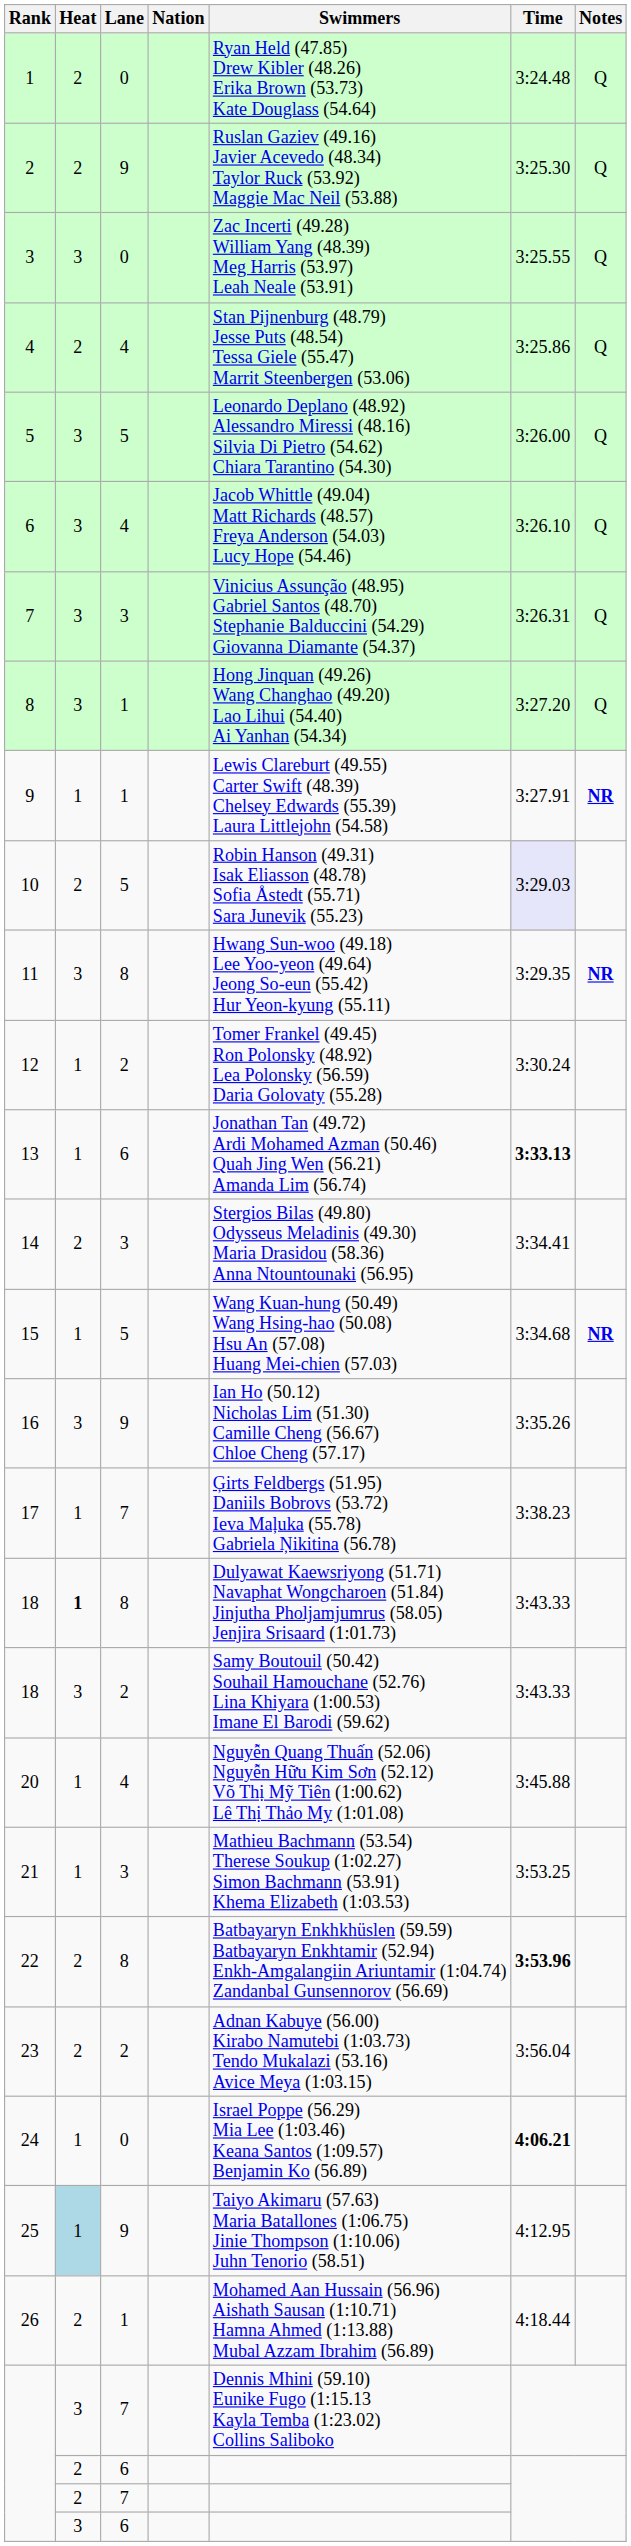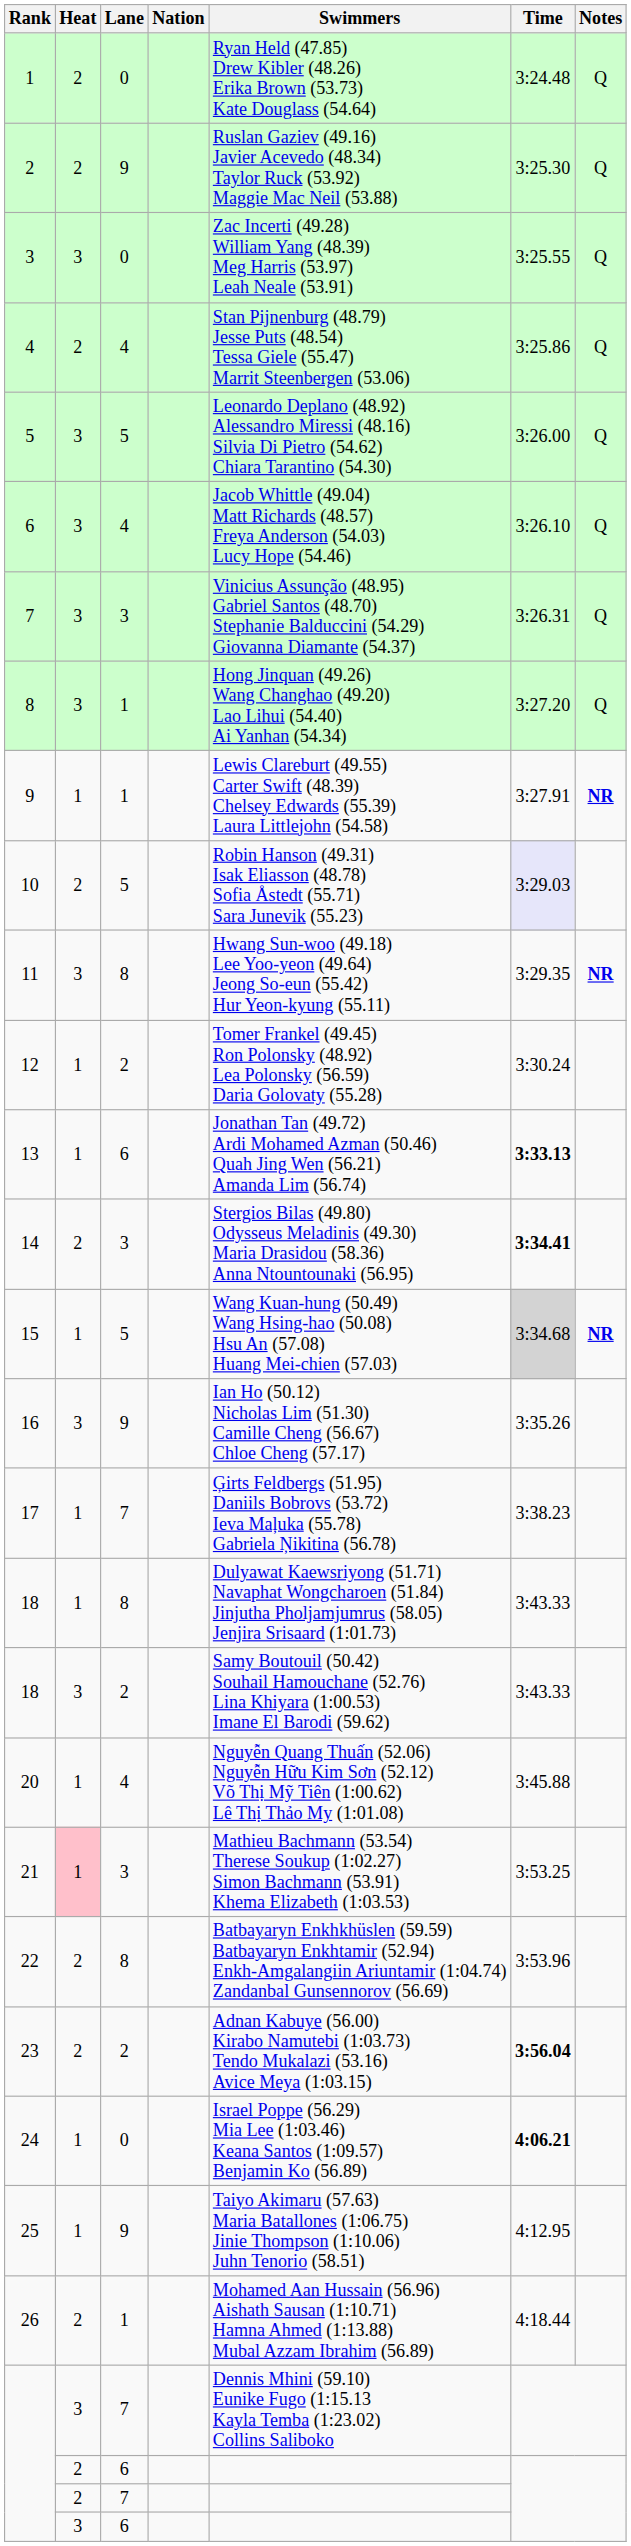 <table class="wikitable sortable" style="text-align:center">
 <tr>
 <th>Rank</th>
 <th>Heat</th>
 <th>Lane</th>
 <th>Nation</th>
 <th>Swimmers</th>
 <th>Time</th>
 <th>Notes</th>
 </tr>
 <tr bgcolor=ccffcc>
 <td>1</td>
 <td>2</td>
 <td>0</td>
 <td align=left></td>
 <td align=left><a href='#'>Ryan Held</a> (47.85)<br><a href='#'>Drew Kibler</a> (48.26)<br><a href='#'>Erika Brown</a> (53.73)<br><a href='#'>Kate Douglass</a> (54.64)</td>
 <td>3:24.48</td>
 <td>Q</td>
 </tr>
 <tr bgcolor=ccffcc>
 <td>2</td>
 <td>2</td>
 <td>9</td>
 <td align=left></td>
 <td align=left><a href='#'>Ruslan Gaziev</a> (49.16)<br><a href='#'>Javier Acevedo</a> (48.34)<br><a href='#'>Taylor Ruck</a> (53.92)<br><a href='#'>Maggie Mac Neil</a> (53.88)</td>
 <td>3:25.30</td>
 <td>Q</td>
 </tr>
 <tr bgcolor=ccffcc>
 <td>3</td>
 <td>3</td>
 <td>0</td>
 <td align=left></td>
 <td align=left><a href='#'>Zac Incerti</a> (49.28)<br><a href='#'>William Yang</a> (48.39)<br><a href='#'>Meg Harris</a> (53.97)<br><a href='#'>Leah Neale</a> (53.91)</td>
 <td>3:25.55</td>
 <td>Q</td>
 </tr>
 <tr bgcolor=ccffcc>
 <td>4</td>
 <td>2</td>
 <td>4</td>
 <td align=left></td>
 <td align=left><a href='#'>Stan Pijnenburg</a> (48.79)<br><a href='#'>Jesse Puts</a> (48.54)<br><a href='#'>Tessa Giele</a> (55.47)<br><a href='#'>Marrit Steenbergen</a> (53.06)</td>
 <td>3:25.86</td>
 <td>Q</td>
 </tr>
 <tr bgcolor=ccffcc>
 <td>5</td>
 <td>3</td>
 <td>5</td>
 <td align=left></td>
 <td align=left><a href='#'>Leonardo Deplano</a> (48.92)<br><a href='#'>Alessandro Miressi</a> (48.16)<br><a href='#'>Silvia Di Pietro</a> (54.62)<br><a href='#'>Chiara Tarantino</a> (54.30)</td>
 <td>3:26.00</td>
 <td>Q</td>
 </tr>
 <tr bgcolor=ccffcc>
 <td>6</td>
 <td>3</td>
 <td>4</td>
 <td align=left></td>
 <td align=left><a href='#'>Jacob Whittle</a> (49.04)<br><a href='#'>Matt Richards</a> (48.57)<br><a href='#'>Freya Anderson</a> (54.03)<br><a href='#'>Lucy Hope</a> (54.46)</td>
 <td>3:26.10</td>
 <td>Q</td>
 </tr>
 <tr bgcolor=ccffcc>
 <td>7</td>
 <td>3</td>
 <td>3</td>
 <td align=left></td>
 <td align=left><a href='#'>Vinicius Assunção</a> (48.95)<br><a href='#'>Gabriel Santos</a> (48.70)<br><a href='#'>Stephanie Balduccini</a> (54.29)<br><a href='#'>Giovanna Diamante</a> (54.37)</td>
 <td>3:26.31</td>
 <td>Q</td>
 </tr>
 <tr bgcolor=ccffcc>
 <td>8</td>
 <td>3</td>
 <td>1</td>
 <td align=left></td>
 <td align=left><a href='#'>Hong Jinquan</a> (49.26)<br><a href='#'>Wang Changhao</a> (49.20)<br><a href='#'>Lao Lihui</a> (54.40)<br><a href='#'>Ai Yanhan</a> (54.34)</td>
 <td>3:27.20</td>
 <td>Q</td>
 </tr>
 <tr>
 <td>9</td>
 <td>1</td>
 <td>1</td>
 <td align=left></td>
 <td align=left><a href='#'>Lewis Clareburt</a> (49.55)<br><a href='#'>Carter Swift</a> (48.39)<br><a href='#'>Chelsey Edwards</a> (55.39)<br><a href='#'>Laura Littlejohn</a> (54.58)</td>
 <td>3:27.91</td>
 <td><strong><a href='#'>NR</a></strong></td>
 </tr>
 <tr>
 <td>10</td>
 <td>2</td>
 <td>5</td>
 <td align=left></td>
 <td align=left><a href='#'>Robin Hanson</a> (49.31)<br><a href='#'>Isak Eliasson</a> (48.78)<br><a href='#'>Sofia Åstedt</a> (55.71)<br><a href='#'>Sara Junevik</a> (55.23)</td>
 <td style="background: lavender;">3:29.03</td>
 <td></td>
 </tr>
 <tr>
 <td>11</td>
 <td>3</td>
 <td>8</td>
 <td align=left></td>
 <td align=left><a href='#'>Hwang Sun-woo</a> (49.18)<br><a href='#'>Lee Yoo-yeon</a> (49.64)<br><a href='#'>Jeong So-eun</a> (55.42)<br><a href='#'>Hur Yeon-kyung</a> (55.11)</td>
 <td>3:29.35</td>
 <td><strong><a href='#'>NR</a></strong></td>
 </tr>
 <tr>
 <td>12</td>
 <td>1</td>
 <td>2</td>
 <td align=left></td>
 <td align=left><a href='#'>Tomer Frankel</a> (49.45)<br><a href='#'>Ron Polonsky</a> (48.92)<br><a href='#'>Lea Polonsky</a> (56.59)<br><a href='#'>Daria Golovaty</a> (55.28)</td>
 <td>3:30.24</td>
 <td></td>
 </tr>
 <tr>
 <td>13</td>
 <td>1</td>
 <td>6</td>
 <td align=left></td>
 <td align=left><a href='#'>Jonathan Tan</a> (49.72)<br><a href='#'>Ardi Mohamed Azman</a> (50.46)<br><a href='#'>Quah Jing Wen</a> (56.21)<br><a href='#'>Amanda Lim</a> (56.74)</td>
 <td><strong>3:33.13</strong></td>
 <td></td>
 </tr>
 <tr>
 <td>14</td>
 <td>2</td>
 <td>3</td>
 <td align=left></td>
 <td align=left><a href='#'>Stergios Bilas</a> (49.80)<br><a href='#'>Odysseus Meladinis</a> (49.30)<br><a href='#'>Maria Drasidou</a> (58.36)<br><a href='#'>Anna Ntountounaki</a> (56.95)</td>
-<td>3:34.41</td>
+<td><strong>3:34.41</strong></td>
 <td></td>
 </tr>
 <tr>
 <td>15</td>
 <td>1</td>
 <td>5</td>
 <td align=left></td>
 <td align=left><a href='#'>Wang Kuan-hung</a> (50.49)<br><a href='#'>Wang Hsing-hao</a> (50.08)<br><a href='#'>Hsu An</a> (57.08)<br><a href='#'>Huang Mei-chien</a> (57.03)</td>
-<td>3:34.68</td>
+<td style="background: lightgrey;">3:34.68</td>
 <td><strong><a href='#'>NR</a></strong></td>
 </tr>
 <tr>
 <td>16</td>
 <td>3</td>
 <td>9</td>
 <td align=left></td>
 <td align=left><a href='#'>Ian Ho</a> (50.12)<br><a href='#'>Nicholas Lim</a> (51.30)<br><a href='#'>Camille Cheng</a> (56.67)<br><a href='#'>Chloe Cheng</a> (57.17)</td>
 <td>3:35.26</td>
 <td></td>
 </tr>
 <tr>
 <td>17</td>
 <td>1</td>
 <td>7</td>
 <td align=left></td>
 <td align=left><a href='#'>Ģirts Feldbergs</a> (51.95)<br><a href='#'>Daniils Bobrovs</a> (53.72)<br><a href='#'>Ieva Maļuka</a> (55.78)<br><a href='#'>Gabriela Ņikitina</a> (56.78)</td>
 <td>3:38.23</td>
 <td></td>
 </tr>
 <tr>
 <td>18</td>
-<td><strong>1</strong></td>
+<td>1</td>
 <td>8</td>
 <td align=left></td>
 <td align=left><a href='#'>Dulyawat Kaewsriyong</a> (51.71)<br><a href='#'>Navaphat Wongcharoen</a> (51.84)<br><a href='#'>Jinjutha Pholjamjumrus</a> (58.05)<br><a href='#'>Jenjira Srisaard</a> (1:01.73)</td>
 <td>3:43.33</td>
 <td></td>
 </tr>
 <tr>
 <td>18</td>
 <td>3</td>
 <td>2</td>
 <td align=left></td>
 <td align=left><a href='#'>Samy Boutouil</a> (50.42)<br><a href='#'>Souhail Hamouchane</a> (52.76)<br><a href='#'>Lina Khiyara</a> (1:00.53)<br><a href='#'>Imane El Barodi</a> (59.62)</td>
 <td>3:43.33</td>
 <td></td>
 </tr>
 <tr>
 <td>20</td>
 <td>1</td>
 <td>4</td>
 <td align=left></td>
 <td align=left><a href='#'>Nguyễn Quang Thuấn</a> (52.06)<br><a href='#'>Nguyễn Hữu Kim Sơn</a> (52.12)<br><a href='#'>Võ Thị Mỹ Tiên</a> (1:00.62)<br><a href='#'>Lê Thị Thảo My</a> (1:01.08)</td>
 <td>3:45.88</td>
 <td></td>
 </tr>
 <tr>
 <td>21</td>
-<td>1</td>
+<td style="background: pink;">1</td>
 <td>3</td>
 <td align=left></td>
 <td align=left><a href='#'>Mathieu Bachmann</a> (53.54)<br><a href='#'>Therese Soukup</a> (1:02.27)<br><a href='#'>Simon Bachmann</a> (53.91)<br><a href='#'>Khema Elizabeth</a> (1:03.53)</td>
 <td>3:53.25</td>
 <td></td>
 </tr>
 <tr>
 <td>22</td>
 <td>2</td>
 <td>8</td>
 <td align=left></td>
 <td align=left><a href='#'>Batbayaryn Enkhkhüslen</a> (59.59)<br><a href='#'>Batbayaryn Enkhtamir</a> (52.94)<br><a href='#'>Enkh-Amgalangiin Ariuntamir</a> (1:04.74)<br><a href='#'>Zandanbal Gunsennorov</a> (56.69)</td>
-<td><strong>3:53.96</strong></td>
+<td>3:53.96</td>
 <td></td>
 </tr>
 <tr>
 <td>23</td>
 <td>2</td>
 <td>2</td>
 <td align=left></td>
 <td align=left><a href='#'>Adnan Kabuye</a> (56.00)<br><a href='#'>Kirabo Namutebi</a> (1:03.73)<br><a href='#'>Tendo Mukalazi</a> (53.16)<br><a href='#'>Avice Meya</a> (1:03.15)</td>
-<td>3:56.04</td>
+<td><strong>3:56.04</strong></td>
 <td></td>
 </tr>
 <tr>
 <td>24</td>
 <td>1</td>
 <td>0</td>
 <td align=left></td>
 <td align=left><a href='#'>Israel Poppe</a> (56.29)<br><a href='#'>Mia Lee</a> (1:03.46)<br><a href='#'>Keana Santos</a> (1:09.57)<br><a href='#'>Benjamin Ko</a> (56.89)</td>
 <td><strong>4:06.21</strong></td>
 <td></td>
 </tr>
 <tr>
 <td>25</td>
-<td style="background: lightblue;">1</td>
+<td>1</td>
 <td>9</td>
 <td align=left></td>
 <td align=left><a href='#'>Taiyo Akimaru</a> (57.63)<br><a href='#'>Maria Batallones</a> (1:06.75)<br><a href='#'>Jinie Thompson</a> (1:10.06)<br><a href='#'>Juhn Tenorio</a> (58.51)</td>
 <td>4:12.95</td>
 <td></td>
 </tr>
 <tr>
 <td>26</td>
 <td>2</td>
 <td>1</td>
 <td align=left></td>
 <td align=left><a href='#'>Mohamed Aan Hussain</a> (56.96)<br><a href='#'>Aishath Sausan</a> (1:10.71)<br><a href='#'>Hamna Ahmed</a> (1:13.88)<br><a href='#'>Mubal Azzam Ibrahim</a> (56.89)</td>
 <td>4:18.44</td>
 <td></td>
 </tr>
 <tr>
 <td rowspan=4></td>
 <td>3</td>
 <td>7</td>
 <td align=left></td>
 <td align=left><a href='#'>Dennis Mhini</a> (59.10)<br><a href='#'>Eunike Fugo</a> (1:15.13<br><a href='#'>Kayla Temba</a> (1:23.02)<br><a href='#'>Collins Saliboko</a></td>
 <td colspan=2></td>
 </tr>
 <tr>
 <td>2</td>
 <td>6</td>
 <td align=left></td>
 <td></td>
 <td colspan=2 rowspan=3></td>
 </tr>
 <tr>
 <td>2</td>
 <td>7</td>
 <td align=left></td>
 <td></td>
 </tr>
 <tr>
 <td>3</td>
 <td>6</td>
 <td align=left></td>
 <td></td>
 </tr>
 </table>
